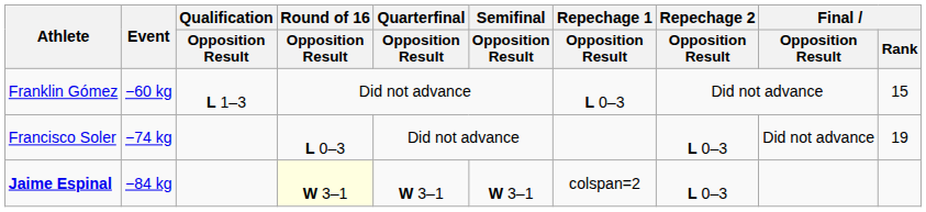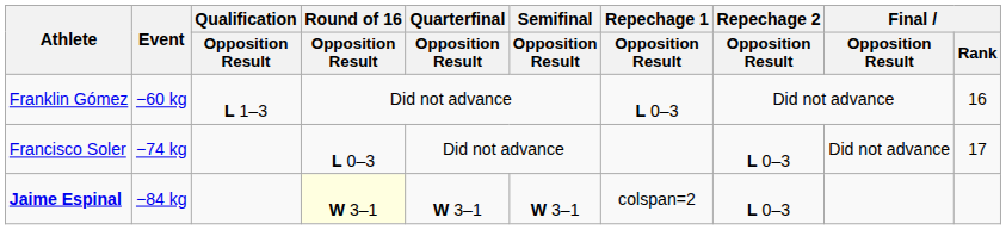 <table class="wikitable" style="font-size:90%">
 <tr>
 <th rowspan=2>Athlete</th>
 <th rowspan=2>Event</th>
 <th>Qualification</th>
 <th>Round of 16</th>
 <th>Quarterfinal</th>
 <th>Semifinal</th>
 <th>Repechage 1</th>
 <th>Repechage 2</th>
 <th colspan=2>Final / </th>
 </tr>
 <tr style="font-size: 95%">
 <th>Opposition<br>Result</th>
 <th>Opposition<br>Result</th>
 <th>Opposition<br>Result</th>
 <th>Opposition<br>Result</th>
 <th>Opposition<br>Result</th>
 <th>Opposition<br>Result</th>
 <th>Opposition<br>Result</th>
 <th>Rank</th>
 </tr>
 <tr align=center>
 <td align=left><a href='#'>Franklin Gómez</a></td>
 <td align=left><a href='#'>−60 kg</a></td>
 <td><br><strong>L</strong> 1–3 <sup></sup></td>
 <td colspan=3>Did not advance</td>
 <td><br><strong>L</strong> 0–3 <sup></sup></td>
 <td colspan=2>Did not advance</td>
-<td>15</td>
+<td>16</td>
 </tr>
 <tr align=center>
 <td align=left><a href='#'>Francisco Soler</a></td>
 <td align=left><a href='#'>−74 kg</a></td>
 <td></td>
 <td><br><strong>L</strong> 0–3 <sup></sup></td>
 <td colspan=2>Did not advance</td>
 <td></td>
 <td> <br> <strong>L</strong> 0–3 <sup></sup></td>
 <td>Did not advance</td>
-<td>19</td>
+<td>17</td>
 </tr>
 <tr align=center>
 <td align=left><strong><a href='#'>Jaime Espinal</a></strong></td>
 <td align=left><a href='#'>−84 kg</a></td>
 <td></td>
 <td style="background: lightyellow;"><br><strong>W</strong> 3–1 <sup></sup></td>
 <td><br><strong>W</strong> 3–1 <sup></sup></td>
 <td><br><strong>W</strong> 3–1 <sup></sup></td>
 <td>colspan=2 </td>
 <td><br><strong>L</strong> 0–3 <sup></sup></td>
 <td></td>
 </tr>
 </table>
